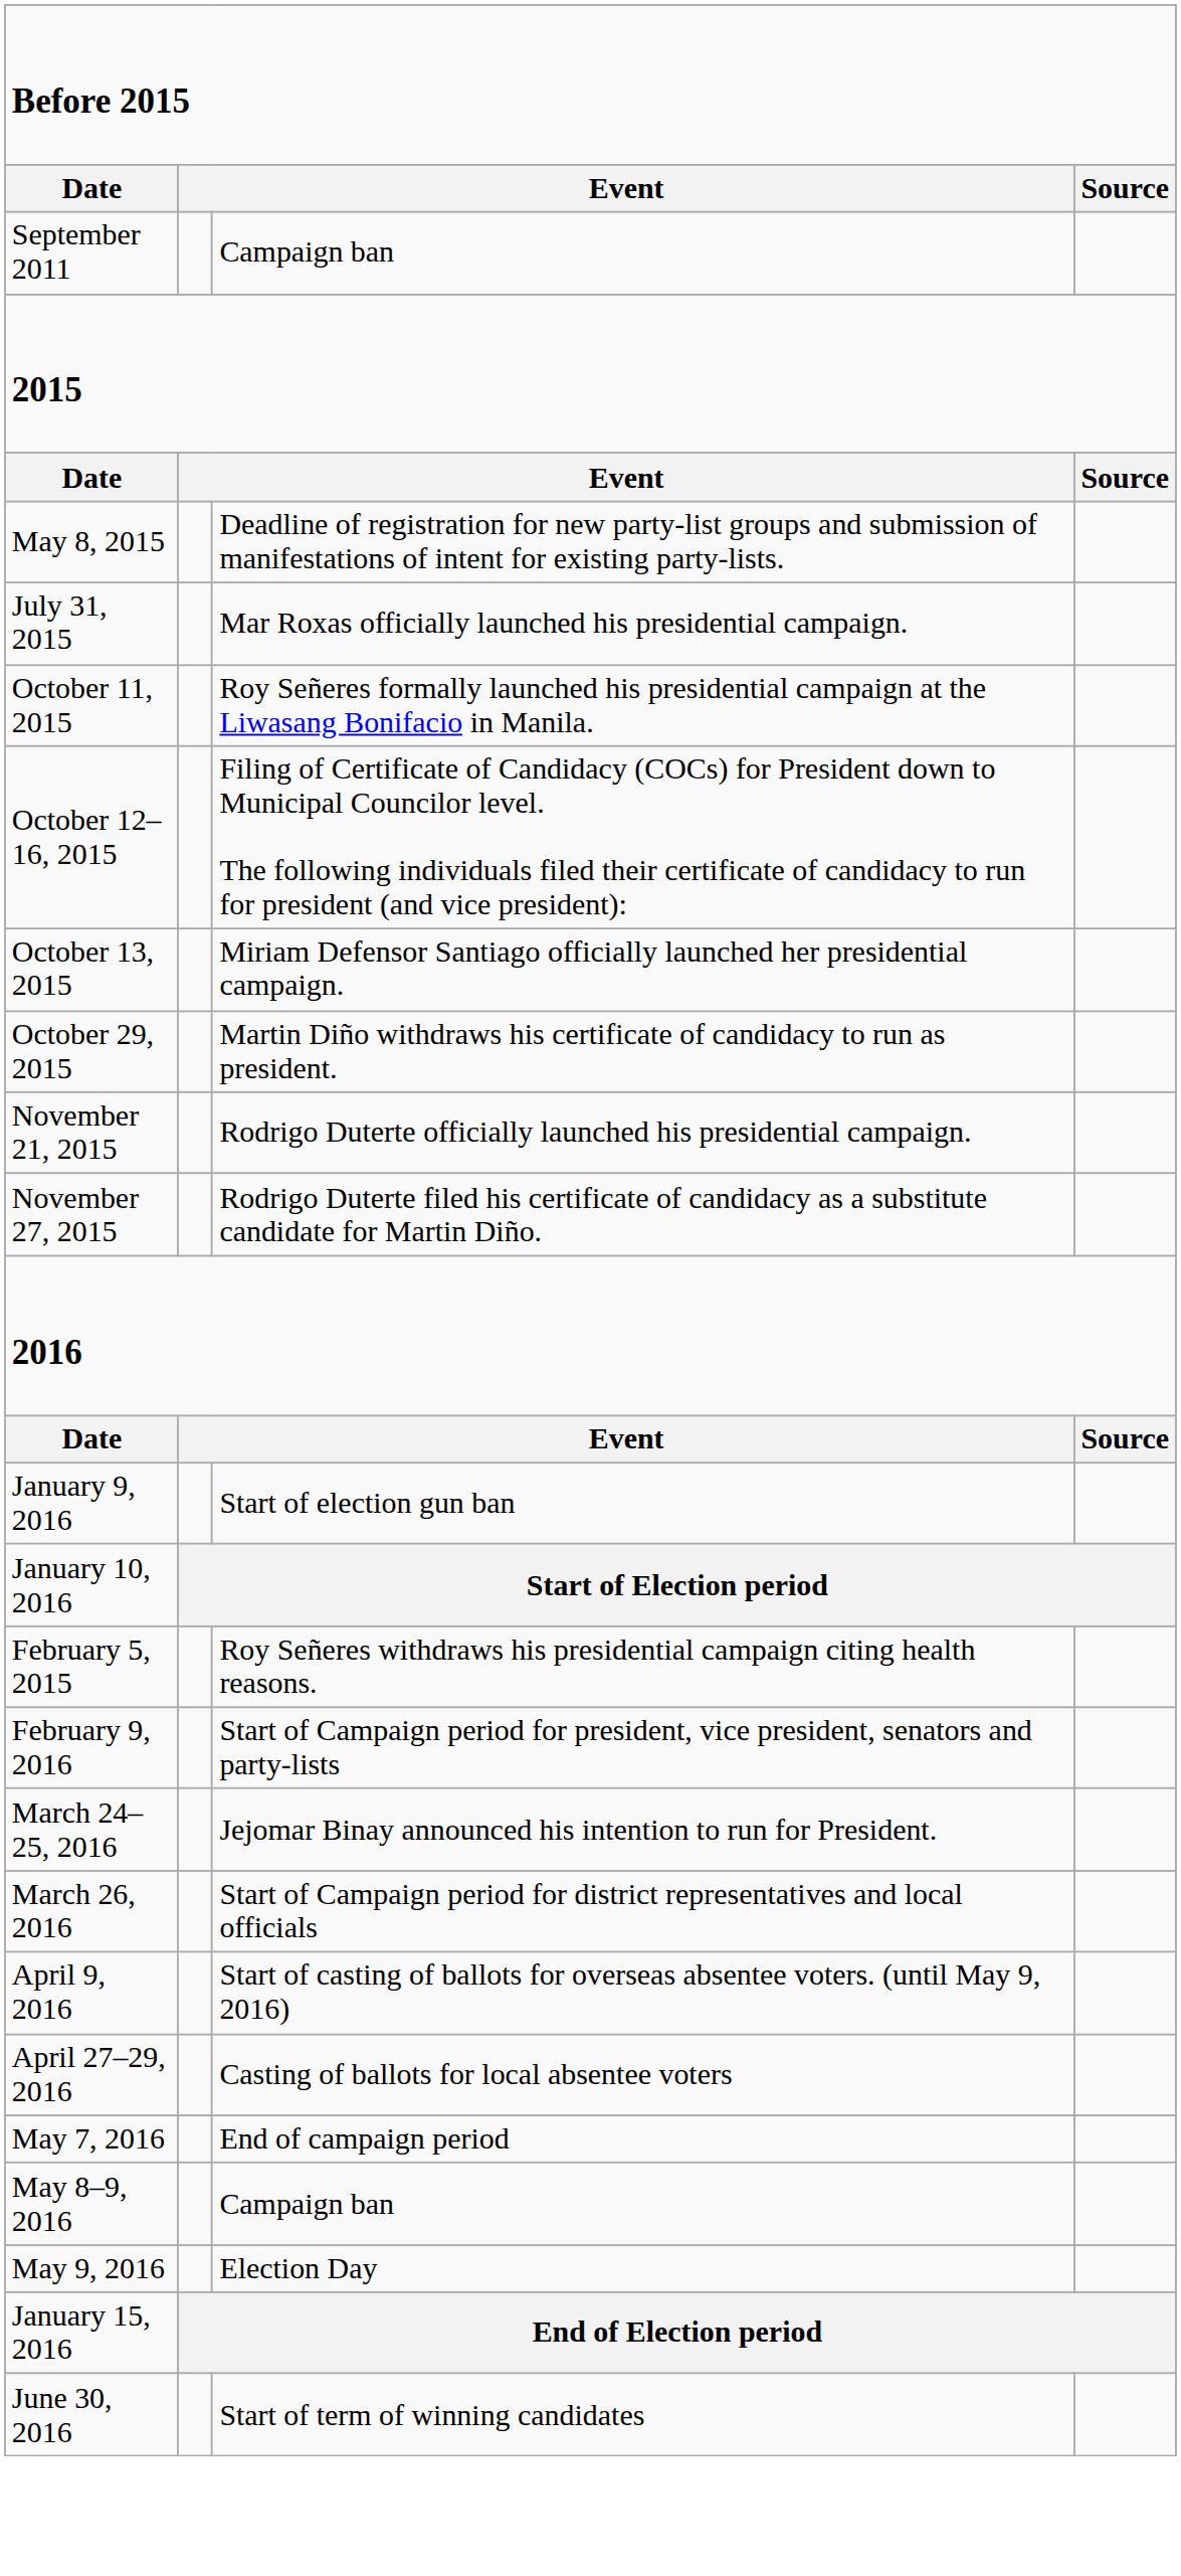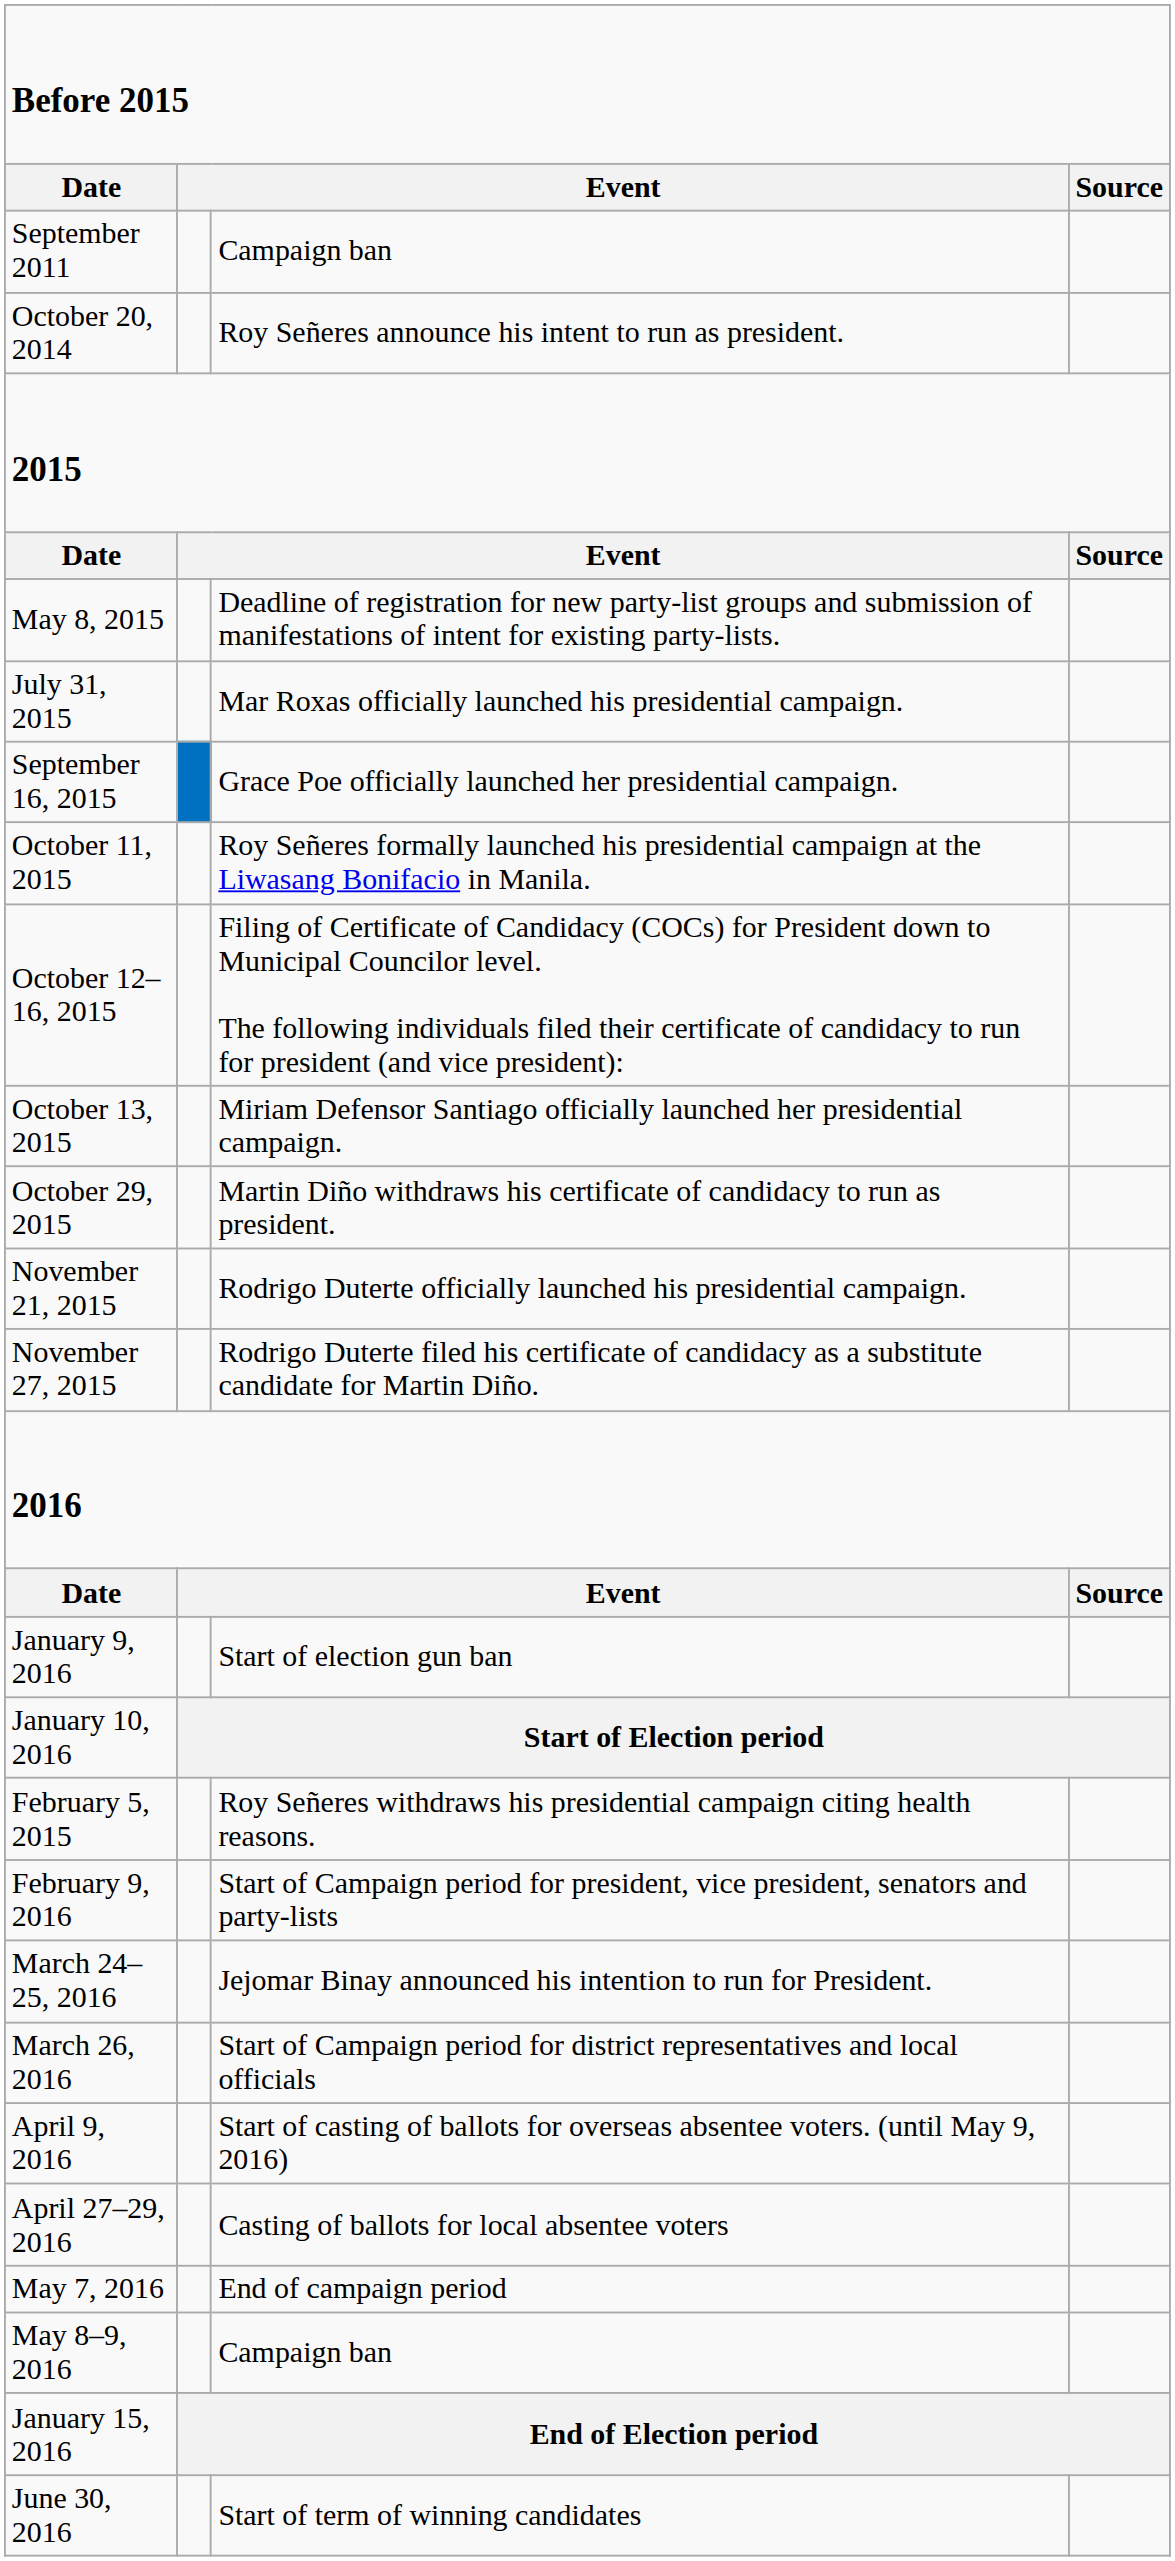 <table class="wikitable" width=100%>
 <tr valign="middle">
 <td colspan=4><br><h3>Before 2015</h3></td>
 </tr>
 <tr>
 <th width=15%>Date</th>
 <th width=80% colspan=2>Event</th>
 <th width=2%>Source</th>
 </tr>
 <tr>
 <td>September 2011</td>
 <td bgcolor=></td>
 <td>Campaign ban</td>
+<td></td>
+</tr>
+<tr>
+<td>October 20, 2014</td>
+<td bgcolor=></td>
+<td>Roy Señeres announce his intent to run as president.</td>
 <td></td>
 </tr>
 <tr>
 <td colspan=4><br><h3>2015</h3></td>
 </tr>
 <tr>
 <th width=15%>Date</th>
 <th width=80% colspan=2>Event</th>
 <th width=2%>Source</th>
 </tr>
 <tr>
 <td>May 8, 2015</td>
 <td></td>
 <td>Deadline of registration for new party-list groups and submission of manifestations of intent for existing party-lists.</td>
 <td></td>
 </tr>
 <tr>
 <td>July 31, 2015</td>
 <td bgcolor=></td>
 <td>Mar Roxas officially launched his presidential campaign.</td>
+<td></td>
+</tr>
+<tr>
+<td>September 16, 2015</td>
+<td bgcolor=#0070C0></td>
+<td>Grace Poe officially launched her presidential campaign.</td>
 <td></td>
 </tr>
 <tr>
 <td>October 11, 2015</td>
 <td bgcolor=></td>
 <td>Roy Señeres formally launched his presidential campaign at the <a href='#'>Liwasang Bonifacio</a> in Manila.</td>
 <td></td>
 </tr>
 <tr>
 <td>October 12–16, 2015</td>
 <td></td>
 <td>Filing of Certificate of Candidacy (COCs) for President down to Municipal Councilor level.<br><br>The following individuals filed their certificate of candidacy to run for president (and vice president):<br> </td>
 <td></td>
 </tr>
 <tr>
 <td>October 13, 2015</td>
 <td bgcolor=></td>
 <td>Miriam Defensor Santiago officially launched her presidential campaign.</td>
 <td></td>
 </tr>
 <tr>
 <td>October 29, 2015</td>
 <td bgcolor=></td>
 <td>Martin Diño withdraws his certificate of candidacy to run as president.</td>
 <td></td>
 </tr>
 <tr>
 <td>November 21, 2015</td>
 <td bgcolor=></td>
 <td>Rodrigo Duterte officially launched his presidential campaign.</td>
 <td></td>
 </tr>
 <tr>
 <td>November 27, 2015</td>
 <td bgcolor=></td>
 <td>Rodrigo Duterte filed his certificate of candidacy as a substitute candidate for Martin Diño.</td>
 <td></td>
 </tr>
 <tr>
 <td colspan=4><br><h3>2016</h3></td>
 </tr>
 <tr>
 <th width=15%>Date</th>
 <th width=80% colspan=2>Event</th>
 <th width=2%>Source</th>
 </tr>
 <tr>
 <td>January 9, 2016</td>
 <td width=3%></td>
 <td>Start of election gun ban</td>
 <td></td>
 </tr>
 <tr>
 <td>January 10, 2016</td>
 <th colspan=3>Start of Election period</th>
 </tr>
 <tr>
 <td>February 5, 2015</td>
 <td bgcolor=></td>
 <td>Roy Señeres withdraws his presidential campaign citing health reasons.</td>
 <td></td>
 </tr>
 <tr>
 <td>February 9, 2016</td>
 <td></td>
 <td>Start of Campaign period for president, vice president, senators and party-lists</td>
 <td></td>
 </tr>
 <tr>
 <td>March 24–25, 2016</td>
 <td></td>
 <td>Jejomar Binay announced his intention to run for President.</td>
 <td></td>
 </tr>
 <tr>
 <td>March 26, 2016</td>
 <td></td>
 <td>Start of Campaign period for district representatives and local officials</td>
 <td></td>
 </tr>
 <tr>
 <td>April 9, 2016</td>
 <td></td>
 <td>Start of casting of ballots for overseas absentee voters. (until May 9, 2016)</td>
 <td></td>
 </tr>
 <tr>
 <td>April 27–29, 2016</td>
 <td></td>
 <td>Casting of ballots for local absentee voters</td>
 <td></td>
 </tr>
 <tr>
 <td>May 7, 2016</td>
 <td></td>
 <td>End of campaign period</td>
 <td></td>
 </tr>
 <tr>
 <td>May 8–9, 2016</td>
 <td></td>
 <td>Campaign ban</td>
 <td></td>
 </tr>
 <tr>
-<td>May 9, 2016</td>
-<td></td>
-<td>Election Day</td>
-<td></td>
-</tr>
-<tr>
 <td>January 15, 2016</td>
 <th colspan=3>End of Election period</th>
 </tr>
 <tr>
 <td>June 30, 2016</td>
 <td></td>
 <td>Start of term of winning candidates</td>
 <td></td>
 </tr>
 </table>
